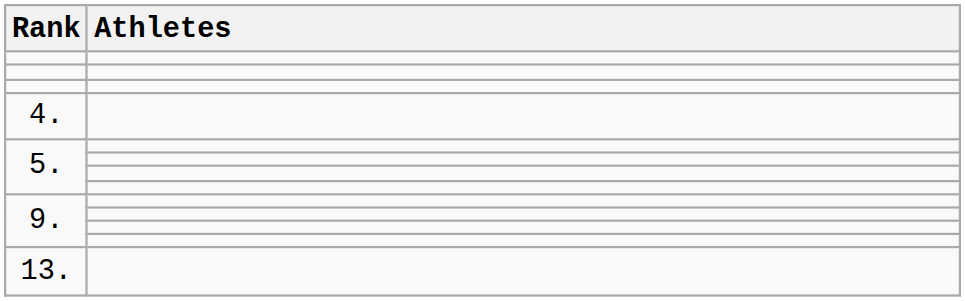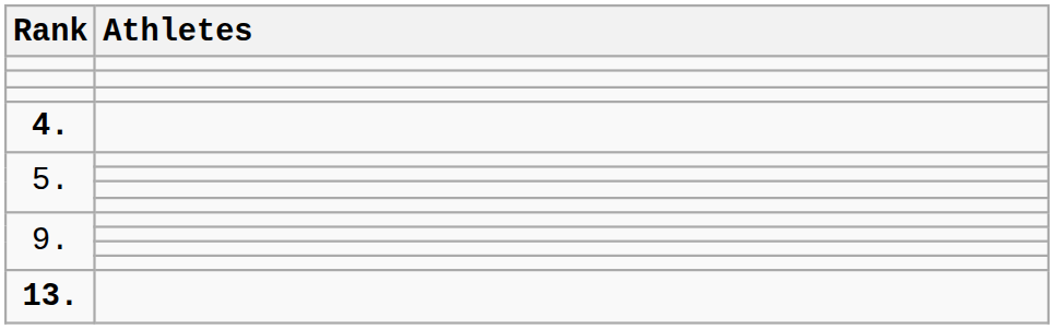 <table class="wikitable">
 <tr>
 <th>Rank</th>
 <th style="text-align: left; width: 30em;">Athletes</th>
 </tr>
 <tr>
 <td align="center"></td>
 <td></td>
 </tr>
 <tr>
 <td align="center"></td>
 <td></td>
 </tr>
 <tr>
 <td align="center"></td>
 <td></td>
 </tr>
 <tr>
-<td align="center">4.</td>
+<td align="center"><strong>4.</strong></td>
 <td></td>
 </tr>
 <tr>
 <td rowspan=4 align="center">5.</td>
 <td></td>
 </tr>
 <tr>
 <td></td>
 </tr>
 <tr>
 <td></td>
 </tr>
 <tr>
 <td></td>
 </tr>
 <tr>
 <td rowspan=4 align="center">9.</td>
 <td></td>
 </tr>
 <tr>
 <td></td>
 </tr>
 <tr>
 <td></td>
 </tr>
 <tr>
 <td></td>
 </tr>
 <tr>
-<td align="center">13.</td>
+<td align="center"><strong>13.</strong></td>
 <td></td>
 </tr>
 </table>
